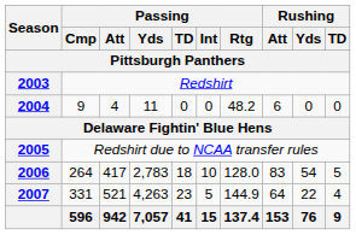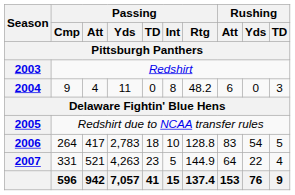 <table class=wikitable style="text-align:center;">
 <tr>
 <th rowspan="2">Season</th>
 <th colspan="6">Passing</th>
 <th colspan="3">Rushing</th>
 </tr>
 <tr>
 <th>Cmp</th>
 <th>Att</th>
 <th>Yds</th>
 <th>TD</th>
 <th>Int</th>
 <th>Rtg</th>
 <th>Att</th>
 <th>Yds</th>
 <th>TD</th>
 </tr>
 <tr>
 <th colspan="10">Pittsburgh Panthers</th>
 </tr>
 <tr>
 <th><a href='#'>2003</a></th>
 <td colspan="9"> <em><a href='#'>Redshirt</a></em></td>
 </tr>
 <tr>
 <th><a href='#'>2004</a></th>
 <td>9</td>
 <td>4</td>
 <td>11</td>
 <td>0</td>
-<td>0</td>
+<td>8</td>
 <td>48.2</td>
 <td>6</td>
 <td>0</td>
-<td>0</td>
+<td>3</td>
 </tr>
 <tr>
 <th colspan="10">Delaware Fightin' Blue Hens</th>
 </tr>
 <tr>
 <th><a href='#'>2005</a></th>
 <td colspan="10"><em>Redshirt due to <a href='#'>NCAA</a> transfer rules</em></td>
 </tr>
 <tr>
 <th><a href='#'>2006</a></th>
 <td>264</td>
 <td>417</td>
 <td>2,783</td>
 <td>18</td>
 <td>10</td>
-<td>128.0</td>
+<td>128.8</td>
 <td>83</td>
 <td>54</td>
 <td>5</td>
 </tr>
 <tr>
 <th><a href='#'>2007</a></th>
 <td>331</td>
 <td>521</td>
 <td>4,263</td>
 <td>23</td>
 <td>5</td>
 <td>144.9</td>
 <td>64</td>
 <td>22</td>
 <td>4</td>
 </tr>
 <tr>
 <th></th>
 <th>596</th>
 <th>942</th>
 <th>7,057</th>
 <th>41</th>
 <th>15</th>
 <th>137.4</th>
 <th>153</th>
 <th>76</th>
 <th>9</th>
 </tr>
 </table>
